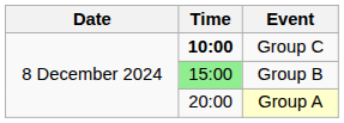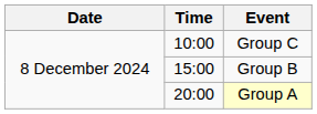 <table class = "wikitable" style="text-align:center;">
 <tr>
 <th width=150>Date</th>
 <th width=50>Time</th>
 <th width=80>Event</th>
 </tr>
 <tr>
 <td rowspan=3>8 December 2024</td>
-<td><strong>10:00</strong></td>
+<td>10:00</td>
 <td>Group C</td>
 </tr>
 <tr>
-<td style="background: lightgreen;">15:00</td>
+<td>15:00</td>
 <td>Group B</td>
 </tr>
 <tr>
 <td>20:00</td>
 <td bgcolor=ffffcc>Group A</td>
 </tr>
 </table>
